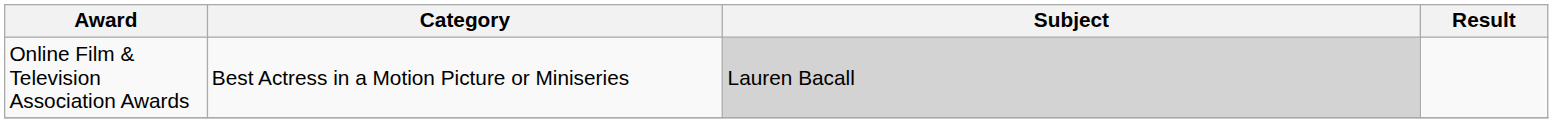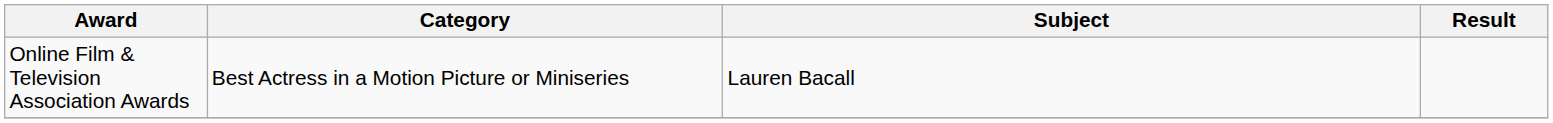 <table width="75%" class="wikitable">
 <tr>
 <th width="10">Award</th>
 <th width="220">Category</th>
 <th width="300">Subject</th>
 <th width="30">Result</th>
 </tr>
 <tr>
 <td>Online Film & Television Association Awards</td>
 <td>Best Actress in a Motion Picture or Miniseries</td>
-<td style="background: lightgrey;">Lauren Bacall</td>
+<td>Lauren Bacall</td>
 <td></td>
 </tr>
 <tr>
 </tr>
 </table>
